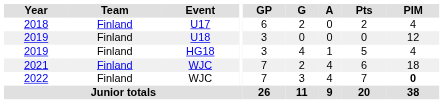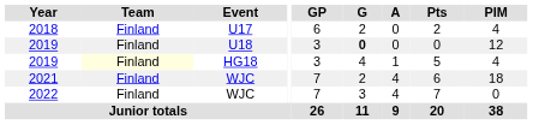 <table border="0" cellpadding="1" cellspacing="0" ID="Table3" style="text-align:center; width:40em">
 <tr bgcolor="#e0e0e0">
 <th>Year</th>
 <th>Team</th>
 <th>Event</th>
 <th rowspan="102" bgcolor="#ffffff"></th>
 <th>GP</th>
 <th>G</th>
 <th>A</th>
 <th>Pts</th>
 <th>PIM</th>
 </tr>
 <tr>
 <td><a href='#'>2018</a></td>
 <td><a href='#'>Finland</a></td>
 <td><a href='#'>U17</a></td>
 <td>6</td>
 <td>2</td>
 <td>0</td>
 <td>2</td>
 <td>4</td>
 </tr>
 <tr bgcolor="#f0f0f0">
 <td><a href='#'>2019</a></td>
 <td>Finland</td>
 <td><a href='#'>U18</a></td>
 <td>3</td>
-<td>0</td>
+<td><strong>0</strong></td>
 <td>0</td>
 <td>0</td>
 <td>12</td>
 </tr>
 <tr>
 <td><a href='#'>2019</a></td>
-<td>Finland</td>
+<td style="background: lightyellow;">Finland</td>
 <td><a href='#'>HG18</a></td>
 <td>3</td>
 <td>4</td>
 <td>1</td>
 <td>5</td>
 <td>4</td>
 </tr>
 <tr bgcolor="#f0f0f0">
 <td><a href='#'>2021</a></td>
 <td><a href='#'>Finland</a></td>
 <td><a href='#'>WJC</a></td>
 <td>7</td>
 <td>2</td>
 <td>4</td>
 <td>6</td>
 <td>18</td>
 </tr>
 <tr>
 <td><a href='#'>2022</a></td>
 <td>Finland</td>
 <td>WJC</td>
 <td>7</td>
 <td>3</td>
 <td>4</td>
 <td>7</td>
-<td><strong>0</strong></td>
+<td>0</td>
 </tr>
 <tr bgcolor="#e0e0e0">
 <th colspan="4">Junior totals</th>
 <th>26</th>
 <th>11</th>
 <th>9</th>
 <th>20</th>
 <th>38</th>
 </tr>
 </table>
